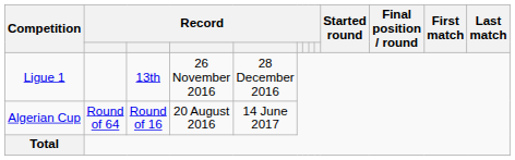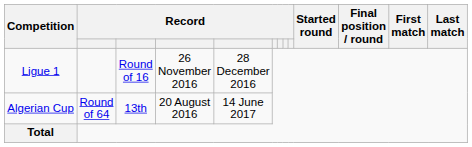 <table class="wikitable" style="text-align: center">
 <tr>
 <th rowspan=2>Competition</th>
 <th colspan=8>Record</th>
 <th rowspan=2>Started round</th>
 <th rowspan=2>Final position / round</th>
 <th rowspan=2>First match</th>
 <th rowspan=2>Last match</th>
 </tr>
 <tr>
 <th></th>
 <th></th>
 <th></th>
 <th></th>
 <th></th>
 <th></th>
 <th></th>
 <th></th>
 </tr>
 <tr>
 <td><a href='#'>Ligue 1</a><br></td>
 <td></td>
-<td><a href='#'>13th</a></td>
+<td><a href='#'>Round of 16</a></td>
 <td>26 November 2016</td>
 <td>28 December 2016</td>
 </tr>
 <tr>
 <td><a href='#'>Algerian Cup</a><br></td>
 <td><a href='#'>Round of 64</a></td>
-<td><a href='#'>Round of 16</a></td>
+<td><a href='#'>13th</a></td>
 <td>20 August 2016</td>
 <td>14 June 2017</td>
 </tr>
 <tr>
 <th>Total<br></th>
 </tr>
 </table>
